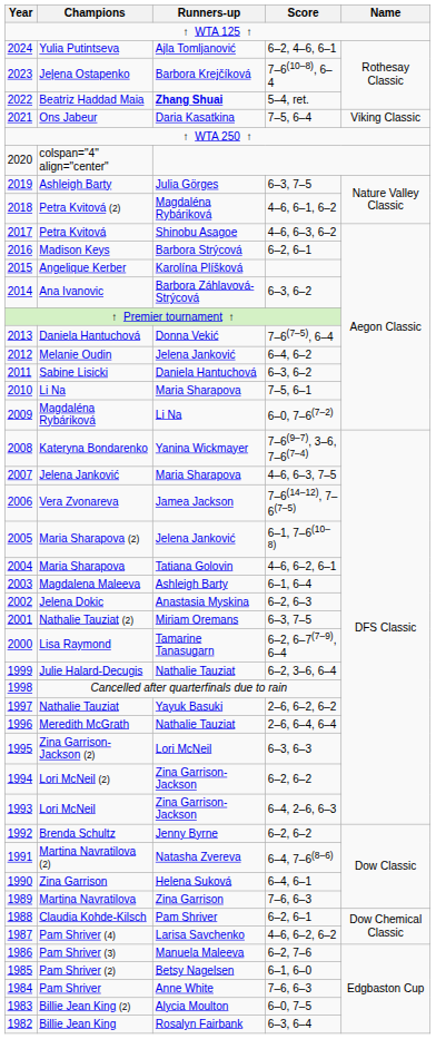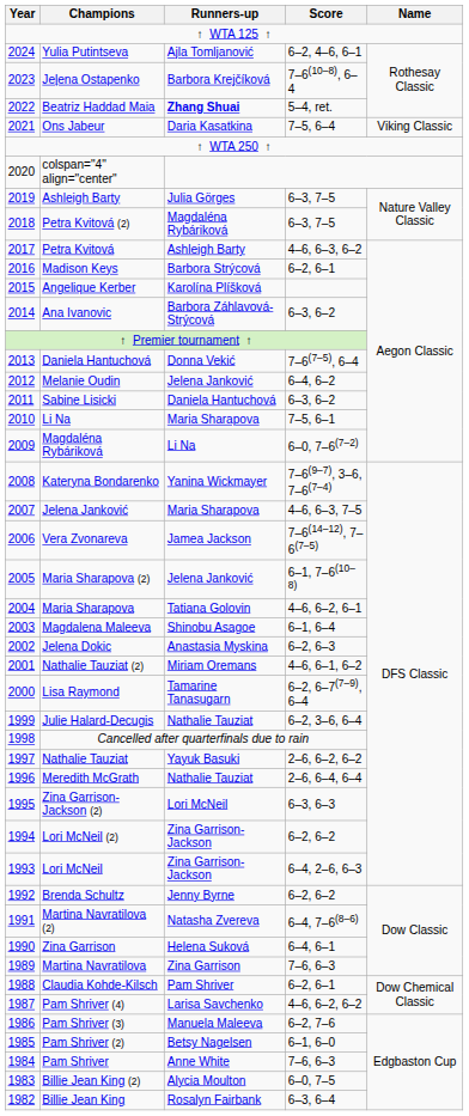 <table class="wikitable">
 <tr>
 <th style="width:40px">Year</th>
 <th style="width:200px">Champions</th>
 <th style="width:200px">Runners-up</th>
 <th style="width:140px" class="unsortable">Score</th>
 <th style="width:150px">Name</th>
 </tr>
 <tr>
 <td colspan=5 align="center">↑  <a href='#'>WTA 125</a>  ↑</td>
 </tr>
 <tr>
 <td><a href='#'>2024</a></td>
 <td> <a href='#'>Yulia Putintseva</a></td>
 <td> <a href='#'>Ajla Tomljanović</a></td>
 <td>6–2, 4–6, 6–1</td>
 <td align="center" rowspan=3>Rothesay Classic</td>
 </tr>
 <tr>
 <td><a href='#'>2023</a></td>
 <td> <a href='#'>Jeļena Ostapenko</a></td>
 <td> <a href='#'>Barbora Krejčíková</a></td>
 <td>7–6<sup>(10–8)</sup>, 6–4</td>
 </tr>
 <tr>
 <td><a href='#'>2022</a></td>
 <td> <a href='#'>Beatriz Haddad Maia</a></td>
 <td><strong> <a href='#'>Zhang Shuai</a></strong></td>
 <td>5–4, ret.</td>
 </tr>
 <tr>
 <td><a href='#'>2021</a></td>
 <td> <a href='#'>Ons Jabeur</a></td>
 <td> <a href='#'>Daria Kasatkina</a></td>
 <td>7–5, 6–4</td>
 <td align="center">Viking Classic</td>
 </tr>
 <tr>
 <td colspan=5 align="center">↑  <a href='#'>WTA 250</a>  ↑</td>
 </tr>
 <tr>
 <td>2020</td>
 <td>colspan="4" align="center" </td>
 </tr>
 <tr>
 <td><a href='#'>2019</a></td>
 <td> <a href='#'>Ashleigh Barty</a></td>
 <td> <a href='#'>Julia Görges</a></td>
 <td>6–3, 7–5</td>
 <td align="center" rowspan="2">Nature Valley Classic</td>
 </tr>
 <tr>
 <td><a href='#'>2018</a></td>
 <td> <a href='#'>Petra Kvitová</a> <small> (2) </small></td>
 <td> <a href='#'>Magdaléna Rybáriková</a></td>
-<td>4–6, 6–1, 6–2</td>
+<td>6–3, 7–5</td>
 </tr>
 <tr>
 <td><a href='#'>2017</a></td>
 <td>  <a href='#'>Petra Kvitová</a></td>
-<td> <a href='#'>Shinobu Asagoe</a></td>
+<td> <a href='#'>Ashleigh Barty</a></td>
 <td>4–6, 6–3, 6–2</td>
 <td align="center" rowspan="10">Aegon Classic</td>
 </tr>
 <tr>
 <td><a href='#'>2016</a></td>
 <td>  <a href='#'>Madison Keys</a></td>
 <td> <a href='#'>Barbora Strýcová</a></td>
 <td>6–2, 6–1</td>
 </tr>
 <tr>
 <td><a href='#'>2015</a></td>
 <td> <a href='#'>Angelique Kerber</a></td>
 <td> <a href='#'>Karolína Plíšková</a></td>
 <td></td>
 </tr>
 <tr>
 <td><a href='#'>2014</a></td>
 <td> <a href='#'>Ana Ivanovic</a></td>
 <td> <a href='#'>Barbora Záhlavová-Strýcová</a></td>
 <td>6–3, 6–2</td>
 </tr>
 <tr>
 <td colspan=4 style=background:#D4F1C5 align="center">↑  <a href='#'>Premier tournament</a>  ↑</td>
 </tr>
 <tr>
 <td><a href='#'>2013</a></td>
 <td> <a href='#'>Daniela Hantuchová</a></td>
 <td> <a href='#'>Donna Vekić</a></td>
 <td>7–6<sup>(7–5)</sup>, 6–4</td>
 </tr>
 <tr>
 <td><a href='#'>2012</a></td>
 <td> <a href='#'>Melanie Oudin</a></td>
 <td> <a href='#'>Jelena Janković</a></td>
 <td>6–4, 6–2</td>
 </tr>
 <tr>
 <td><a href='#'>2011</a></td>
 <td> <a href='#'>Sabine Lisicki</a></td>
 <td> <a href='#'>Daniela Hantuchová</a></td>
 <td>6–3, 6–2</td>
 </tr>
 <tr>
 <td><a href='#'>2010</a></td>
 <td> <a href='#'>Li Na</a></td>
 <td> <a href='#'>Maria Sharapova</a></td>
 <td>7–5, 6–1</td>
 </tr>
 <tr>
 <td><a href='#'>2009</a></td>
 <td> <a href='#'>Magdaléna Rybáriková</a></td>
 <td> <a href='#'>Li Na</a></td>
 <td>6–0, 7–6<sup>(7–2)</sup></td>
 </tr>
 <tr>
 <td><a href='#'>2008</a></td>
 <td> <a href='#'>Kateryna Bondarenko</a></td>
 <td> <a href='#'>Yanina Wickmayer</a></td>
 <td>7–6<sup>(9–7)</sup>, 3–6, 7–6<sup>(7–4)</sup></td>
 <td align="center" rowspan="16">DFS Classic</td>
 </tr>
 <tr>
 <td><a href='#'>2007</a></td>
 <td> <a href='#'>Jelena Janković</a></td>
 <td> <a href='#'>Maria Sharapova</a></td>
 <td>4–6, 6–3, 7–5</td>
 </tr>
 <tr>
 <td><a href='#'>2006</a></td>
 <td> <a href='#'>Vera Zvonareva</a></td>
 <td> <a href='#'>Jamea Jackson</a></td>
 <td>7–6<sup>(14–12)</sup>, 7–6<sup>(7–5)</sup></td>
 </tr>
 <tr>
 <td><a href='#'>2005</a></td>
 <td> <a href='#'>Maria Sharapova</a> <small> (2) </small></td>
 <td> <a href='#'>Jelena Janković</a></td>
 <td>6–1, 7–6<sup>(10–8)</sup></td>
 </tr>
 <tr>
 <td><a href='#'>2004</a></td>
 <td> <a href='#'>Maria Sharapova</a></td>
 <td> <a href='#'>Tatiana Golovin</a></td>
 <td>4–6, 6–2, 6–1</td>
 </tr>
 <tr>
 <td><a href='#'>2003</a></td>
 <td> <a href='#'>Magdalena Maleeva</a></td>
-<td> <a href='#'>Ashleigh Barty</a></td>
+<td> <a href='#'>Shinobu Asagoe</a></td>
 <td>6–1, 6–4</td>
 </tr>
 <tr>
 <td><a href='#'>2002</a></td>
 <td> <a href='#'>Jelena Dokic</a></td>
 <td> <a href='#'>Anastasia Myskina</a></td>
 <td>6–2, 6–3</td>
 </tr>
 <tr>
 <td><a href='#'>2001</a></td>
 <td> <a href='#'>Nathalie Tauziat</a> <small> (2) </small></td>
 <td> <a href='#'>Miriam Oremans</a></td>
-<td>6–3, 7–5</td>
+<td>4–6, 6–1, 6–2</td>
 </tr>
 <tr>
 <td><a href='#'>2000</a></td>
 <td> <a href='#'>Lisa Raymond</a></td>
 <td> <a href='#'>Tamarine Tanasugarn</a></td>
 <td>6–2, 6–7<sup>(7–9)</sup>, 6–4</td>
 </tr>
 <tr>
 <td><a href='#'>1999</a></td>
 <td> <a href='#'>Julie Halard-Decugis</a></td>
 <td> <a href='#'>Nathalie Tauziat</a></td>
 <td>6–2, 3–6, 6–4</td>
 </tr>
 <tr>
 <td><a href='#'>1998</a></td>
 <td colspan="3" align="center"><em>Cancelled after quarterfinals due to rain</em></td>
 </tr>
 <tr>
 <td><a href='#'>1997</a></td>
 <td> <a href='#'>Nathalie Tauziat</a></td>
 <td> <a href='#'>Yayuk Basuki</a></td>
 <td>2–6, 6–2, 6–2</td>
 </tr>
 <tr>
 <td><a href='#'>1996</a></td>
 <td> <a href='#'>Meredith McGrath</a></td>
 <td> <a href='#'>Nathalie Tauziat</a></td>
 <td>2–6, 6–4, 6–4</td>
 </tr>
 <tr>
 <td><a href='#'>1995</a></td>
 <td> <a href='#'>Zina Garrison-Jackson</a> <small> (2) </small></td>
 <td> <a href='#'>Lori McNeil</a></td>
 <td>6–3, 6–3</td>
 </tr>
 <tr>
 <td><a href='#'>1994</a></td>
 <td> <a href='#'>Lori McNeil</a> <small> (2) </small></td>
 <td> <a href='#'>Zina Garrison-Jackson</a></td>
 <td>6–2, 6–2</td>
 </tr>
 <tr>
 <td><a href='#'>1993</a></td>
 <td> <a href='#'>Lori McNeil</a></td>
 <td> <a href='#'>Zina Garrison-Jackson</a></td>
 <td>6–4, 2–6, 6–3</td>
 </tr>
 <tr>
 <td><a href='#'>1992</a></td>
 <td> <a href='#'>Brenda Schultz</a></td>
 <td> <a href='#'>Jenny Byrne</a></td>
 <td>6–2, 6–2</td>
 <td align="center" rowspan="4">Dow Classic</td>
 </tr>
 <tr>
 <td><a href='#'>1991</a></td>
 <td> <a href='#'>Martina Navratilova</a> <small> (2) </small></td>
 <td> <a href='#'>Natasha Zvereva</a></td>
 <td>6–4, 7–6<sup>(8–6)</sup></td>
 </tr>
 <tr>
 <td><a href='#'>1990</a></td>
 <td> <a href='#'>Zina Garrison</a></td>
 <td> <a href='#'>Helena Suková</a></td>
 <td>6–4, 6–1</td>
 </tr>
 <tr>
 <td><a href='#'>1989</a></td>
 <td> <a href='#'>Martina Navratilova</a></td>
 <td> <a href='#'>Zina Garrison</a></td>
 <td>7–6, 6–3</td>
 </tr>
 <tr>
 <td><a href='#'>1988</a></td>
 <td> <a href='#'>Claudia Kohde-Kilsch</a></td>
 <td> <a href='#'>Pam Shriver</a></td>
 <td>6–2, 6–1</td>
 <td align="center" rowspan="2">Dow Chemical Classic</td>
 </tr>
 <tr>
 <td><a href='#'>1987</a></td>
 <td> <a href='#'>Pam Shriver</a> <small> (4) </small></td>
 <td> <a href='#'>Larisa Savchenko</a></td>
 <td>4–6, 6–2, 6–2</td>
 </tr>
 <tr>
 <td><a href='#'>1986</a></td>
 <td> <a href='#'>Pam Shriver</a> <small> (3) </small></td>
 <td> <a href='#'>Manuela Maleeva</a></td>
 <td>6–2, 7–6</td>
 <td align="center" rowspan="5">Edgbaston Cup</td>
 </tr>
 <tr>
 <td><a href='#'>1985</a></td>
 <td> <a href='#'>Pam Shriver</a> <small> (2) </small></td>
 <td> <a href='#'>Betsy Nagelsen</a></td>
 <td>6–1, 6–0</td>
 </tr>
 <tr>
 <td><a href='#'>1984</a></td>
 <td> <a href='#'>Pam Shriver</a></td>
 <td> <a href='#'>Anne White</a></td>
 <td>7–6, 6–3</td>
 </tr>
 <tr>
 <td><a href='#'>1983</a></td>
 <td> <a href='#'>Billie Jean King</a> <small> (2) </small></td>
 <td> <a href='#'>Alycia Moulton</a></td>
 <td>6–0, 7–5</td>
 </tr>
 <tr>
 <td><a href='#'>1982</a></td>
 <td> <a href='#'>Billie Jean King</a></td>
 <td> <a href='#'>Rosalyn Fairbank</a></td>
 <td>6–3, 6–4</td>
 </tr>
 </table>
